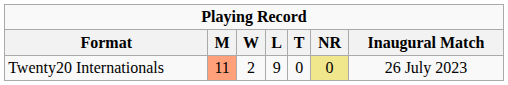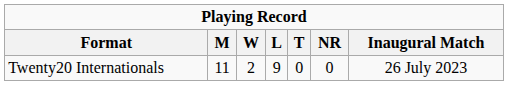 <table class="wikitable" style="text-align: center; width: 500px;">
 <tr>
 <td colspan=7 align="center"><strong>Playing Record</strong></td>
 </tr>
 <tr>
 <th>Format</th>
 <th>M</th>
 <th>W</th>
 <th>L</th>
 <th>T</th>
 <th>NR</th>
 <th>Inaugural Match</th>
 </tr>
 <tr>
 <td align="left">Twenty20 Internationals</td>
-<td style="background: lightsalmon;">11</td>
+<td>11</td>
 <td>2</td>
 <td>9</td>
 <td>0</td>
-<td style="background: khaki;">0</td>
+<td>0</td>
 <td>26 July 2023</td>
 </tr>
 </table>
